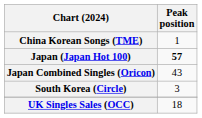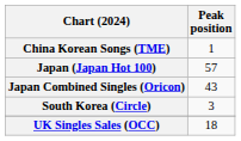 <table class="wikitable plainrowheaders sortable" style="text-align:center">
 <tr>
 <th scope="col">Chart (2024)</th>
 <th scope="col">Peak<br>position</th>
 </tr>
 <tr>
 <th scope="row">China Korean Songs (<a href='#'>TME</a>)</th>
 <td>1</td>
 </tr>
 <tr>
 <th scope="row">Japan (<a href='#'>Japan Hot 100</a>)</th>
-<td><strong>57</strong></td>
+<td>57</td>
 </tr>
 <tr>
 <th scope="row">Japan Combined Singles (<a href='#'>Oricon</a>)</th>
 <td>43</td>
 </tr>
 <tr>
 <th scope="row">South Korea (<a href='#'>Circle</a>)</th>
 <td>3</td>
 </tr>
 <tr>
 </tr>
 <tr>
 <th scope="row"><a href='#'>UK Singles Sales</a> (<a href='#'>OCC</a>)</th>
 <td>18</td>
 </tr>
 </table>
